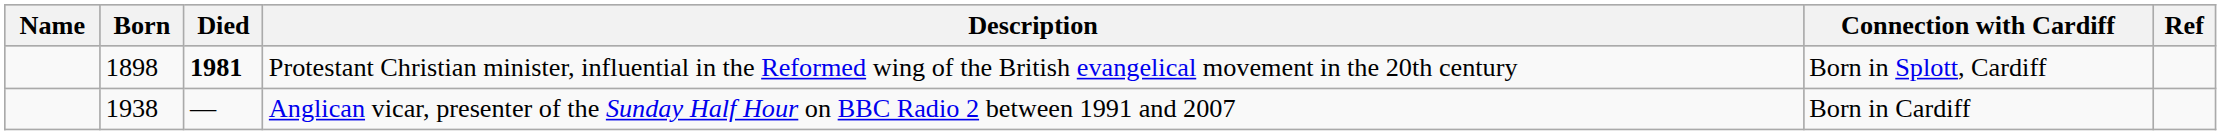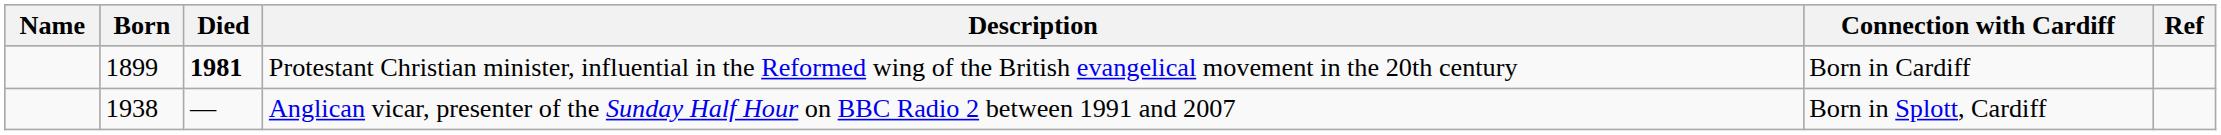 <table class="sortable wikitable" style="text-align: left; width: 68%;">
 <tr>
 <th scope="col">Name</th>
 <th scope="col">Born</th>
 <th scope="col">Died</th>
 <th scope="col">Description</th>
 <th scope="col">Connection with Cardiff</th>
 <th scope="col"><abbr>Ref</abbr></th>
 </tr>
 <tr>
 <td></td>
-<td>1898</td>
+<td>1899</td>
 <td><strong>1981</strong></td>
 <td>Protestant Christian minister, influential in the <a href='#'>Reformed</a> wing of the British <a href='#'>evangelical</a> movement in the 20th century</td>
-<td>Born in <a href='#'>Splott</a>, Cardiff</td>
+<td>Born in Cardiff</td>
 <td></td>
 </tr>
 <tr>
 <td></td>
 <td>1938</td>
 <td>—</td>
 <td><a href='#'>Anglican</a> vicar,  presenter of the <em><a href='#'>Sunday Half Hour</a></em> on <a href='#'>BBC Radio 2</a> between 1991 and 2007</td>
-<td>Born in Cardiff</td>
+<td>Born in <a href='#'>Splott</a>, Cardiff</td>
 <td></td>
 </tr>
 </table>
